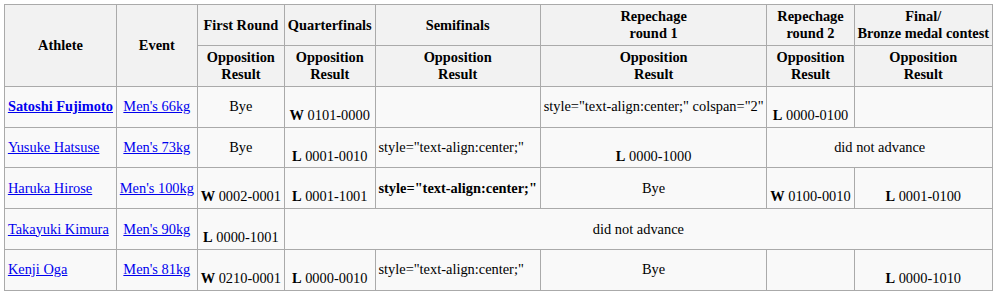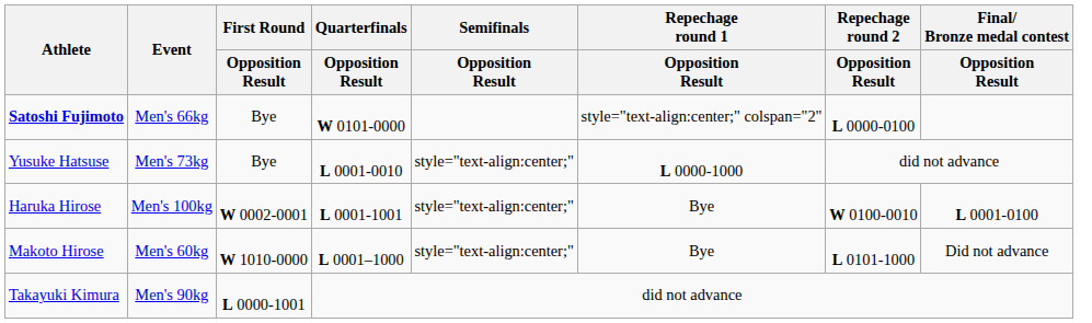 <table class=wikitable style="font-size:90%">
 <tr>
 <th rowspan="2">Athlete</th>
 <th rowspan="2">Event</th>
 <th>First Round</th>
 <th>Quarterfinals</th>
 <th>Semifinals</th>
 <th>Repechage <br>round 1</th>
 <th>Repechage <br>round 2</th>
 <th>Final/<br>Bronze medal contest</th>
 </tr>
 <tr>
 <th>Opposition<br>Result</th>
 <th>Opposition<br>Result</th>
 <th>Opposition<br>Result</th>
 <th>Opposition<br>Result</th>
 <th>Opposition<br>Result</th>
 <th>Opposition<br>Result</th>
 </tr>
 <tr>
 <td><strong><a href='#'>Satoshi Fujimoto</a></strong></td>
 <td style="text-align:center;"><a href='#'>Men's 66kg</a></td>
 <td style="text-align:center;">Bye</td>
 <td style="text-align:center;"><br> <strong>W</strong> 0101-0000</td>
 <td style="text-align:center;"><br> </td>
 <td>style="text-align:center;" colspan="2" </td>
 <td style="text-align:center;"><br> <strong>L</strong> 0000-0100 </td>
 </tr>
 <tr>
 <td><a href='#'>Yusuke Hatsuse</a></td>
 <td style="text-align:center;"><a href='#'>Men's 73kg</a></td>
 <td style="text-align:center;">Bye</td>
 <td style="text-align:center;"><br> <strong>L</strong> 0001-0010</td>
 <td>style="text-align:center;" </td>
 <td style="text-align:center;"><br> <strong>L</strong> 0000-1000</td>
 <td style="text-align:center;" colspan="2">did not advance</td>
 </tr>
 <tr>
 <td><a href='#'>Haruka Hirose</a></td>
 <td style="text-align:center;"><a href='#'>Men's 100kg</a></td>
 <td style="text-align:center;"><br> <strong>W</strong> 0002-0001</td>
 <td style="text-align:center;"><br> <strong>L</strong> 0001-1001</td>
-<td><strong>style="text-align:center;" </strong></td>
+<td>style="text-align:center;" </td>
 <td style="text-align:center;">Bye</td>
 <td style="text-align:center;"><br> <strong>W</strong> 0100-0010</td>
 <td style="text-align:center;"><br> <strong>L</strong> 0001-0100</td>
+</tr>
+<tr>
+<td><a href='#'>Makoto Hirose</a></td>
+<td style="text-align:center;"><a href='#'>Men's 60kg</a></td>
+<td style="text-align:center;"><br> <strong>W</strong> 1010-0000</td>
+<td style="text-align:center;"><br> <strong>L</strong> 0001–1000</td>
+<td>style="text-align:center;" </td>
+<td style="text-align:center;">Bye</td>
+<td style="text-align:center;"><br> <strong>L</strong> 0101-1000</td>
+<td style="text-align:center;">Did not advance</td>
 </tr>
 <tr>
 <td><a href='#'>Takayuki Kimura</a></td>
 <td style="text-align:center;"><a href='#'>Men's 90kg</a></td>
 <td style="text-align:center;"><br> <strong>L</strong> 0000-1001</td>
 <td style="text-align:center;" colspan="5">did not advance</td>
 </tr>
-<tr>
-<td><a href='#'>Kenji Oga</a></td>
-<td style="text-align:center;"><a href='#'>Men's 81kg</a></td>
-<td style="text-align:center;"><br> <strong>W</strong> 0210-0001</td>
-<td style="text-align:center;"><br> <strong>L</strong> 0000-0010</td>
-<td>style="text-align:center;" </td>
-<td style="text-align:center;">Bye</td>
-<td style="text-align:center;"><br> </td>
-<td style="text-align:center;"><br> <strong>L</strong> 0000-1010</td>
-</tr>
 </table>
